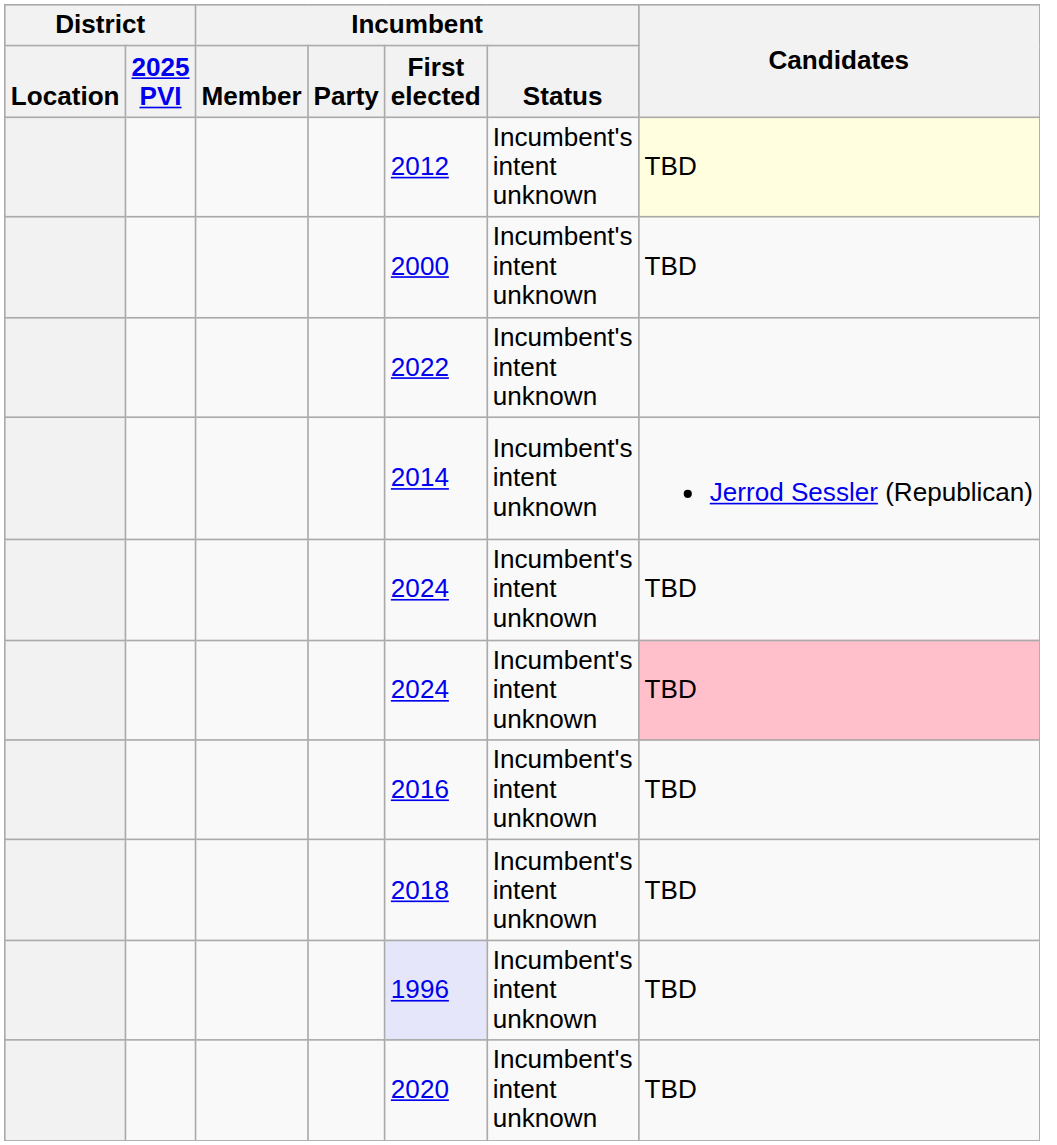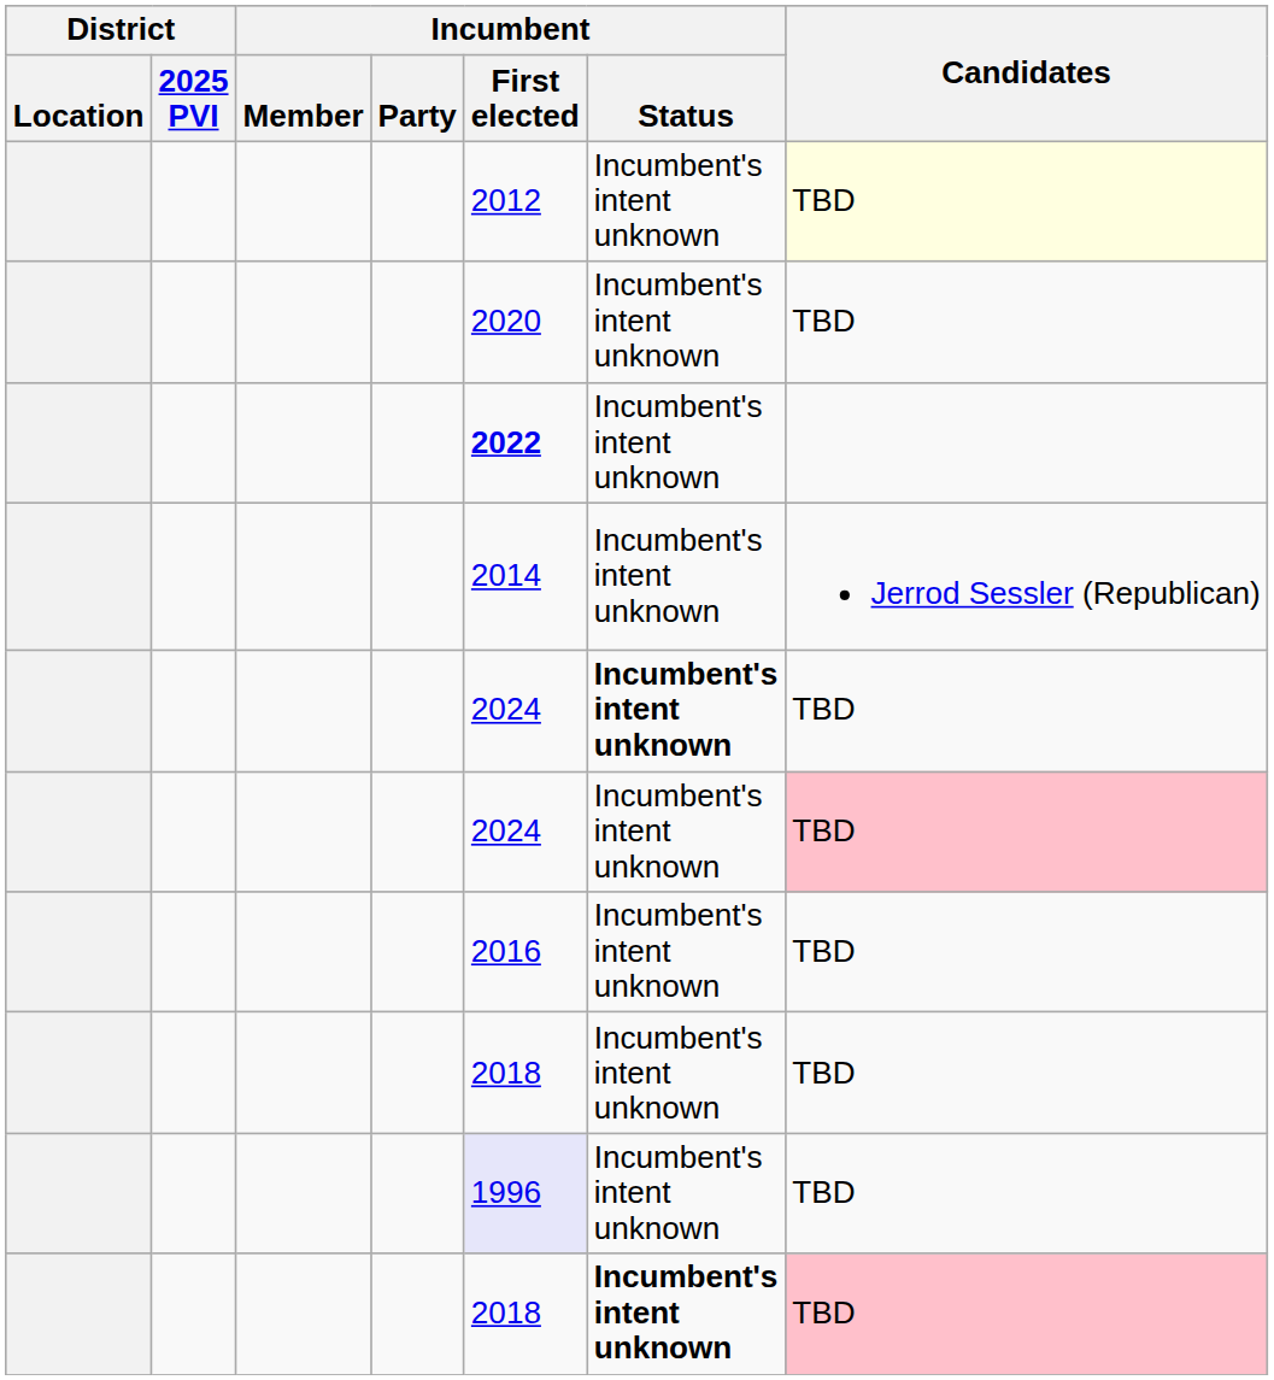 <table class="wikitable sortable">
 <tr>
 <th colspan=2>District</th>
 <th colspan=4>Incumbent</th>
 <th rowspan=2 class="unsortable">Candidates</th>
 </tr>
 <tr valign=bottom>
 <th>Location</th>
 <th><a href='#'>2025<br>PVI</a></th>
 <th>Member</th>
 <th>Party</th>
 <th>First<br>elected</th>
 <th>Status</th>
 </tr>
 <tr>
 <th></th>
 <td></td>
 <td></td>
 <td></td>
 <td><a href='#'>2012 </a></td>
 <td>Incumbent's intent unknown</td>
 <td style="background: lightyellow;">TBD</td>
 </tr>
 <tr>
 <th></th>
 <td></td>
 <td></td>
 <td></td>
-<td><a href='#'>2000</a></td>
+<td><a href='#'>2020</a></td>
 <td>Incumbent's intent unknown</td>
 <td>TBD</td>
 </tr>
 <tr>
 <th></th>
 <td></td>
 <td></td>
 <td></td>
-<td><a href='#'>2022</a></td>
+<td><strong><a href='#'>2022</a></strong></td>
 <td>Incumbent's intent unknown</td>
 <td></td>
 </tr>
 <tr>
 <th></th>
 <td></td>
 <td></td>
 <td></td>
 <td><a href='#'>2014</a></td>
 <td>Incumbent's intent unknown</td>
 <td nowrap><br><ul><li><a href='#'>Jerrod Sessler</a> (Republican)</li></ul></td>
 </tr>
 <tr>
 <th></th>
 <td></td>
 <td></td>
 <td></td>
 <td><a href='#'>2024</a></td>
-<td>Incumbent's intent unknown</td>
+<td><strong>Incumbent's intent unknown</strong></td>
 <td>TBD</td>
 </tr>
 <tr>
 <th></th>
 <td></td>
 <td></td>
 <td></td>
 <td><a href='#'>2024</a></td>
 <td>Incumbent's intent unknown</td>
 <td style="background: pink;">TBD</td>
 </tr>
 <tr>
 <th></th>
 <td></td>
 <td></td>
 <td></td>
 <td><a href='#'>2016</a></td>
 <td>Incumbent's intent unknown</td>
 <td>TBD</td>
 </tr>
 <tr>
 <th></th>
 <td></td>
 <td></td>
 <td></td>
 <td><a href='#'>2018</a></td>
 <td>Incumbent's intent unknown</td>
 <td>TBD</td>
 </tr>
 <tr>
 <th></th>
 <td></td>
 <td></td>
 <td></td>
 <td style="background: lavender;"><a href='#'>1996</a></td>
 <td>Incumbent's intent unknown</td>
 <td>TBD</td>
 </tr>
 <tr>
 <th></th>
 <td></td>
 <td></td>
 <td></td>
-<td><a href='#'>2020</a></td>
-<td>Incumbent's intent unknown</td>
-<td>TBD</td>
+<td><a href='#'>2018</a></td>
+<td><strong>Incumbent's intent unknown</strong></td>
+<td style="background: pink;">TBD</td>
 </tr>
 </table>
